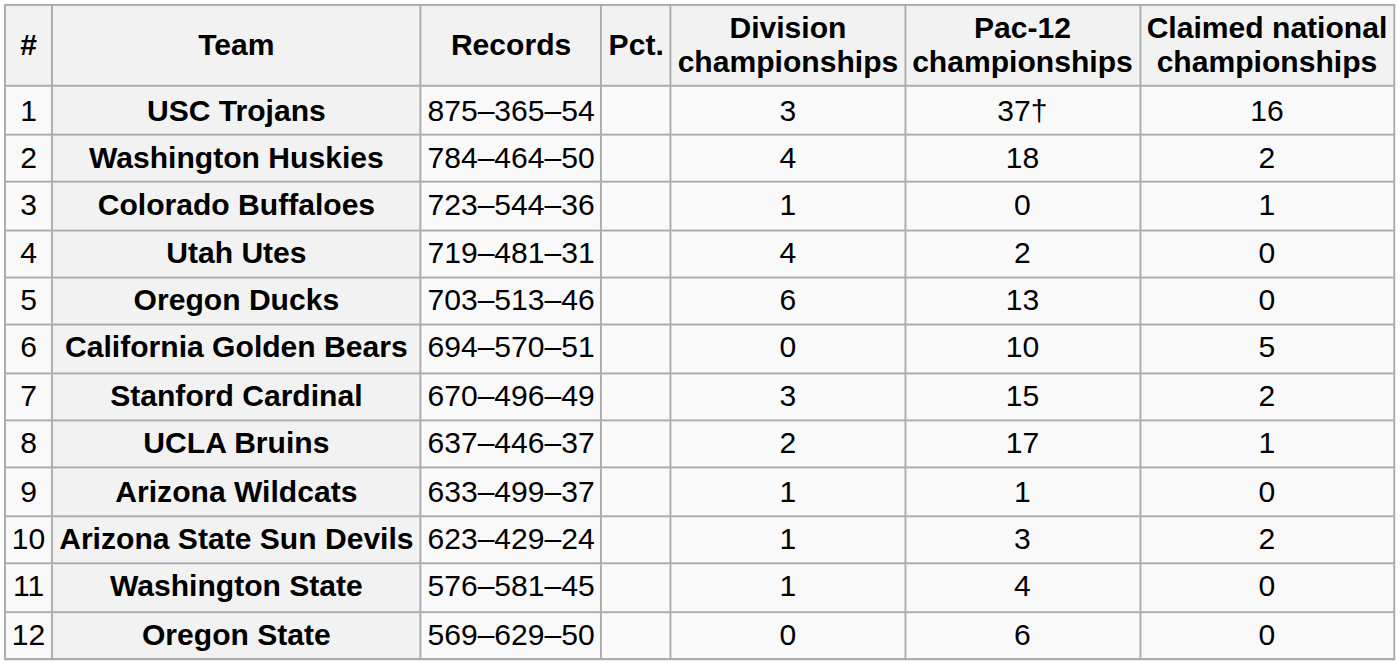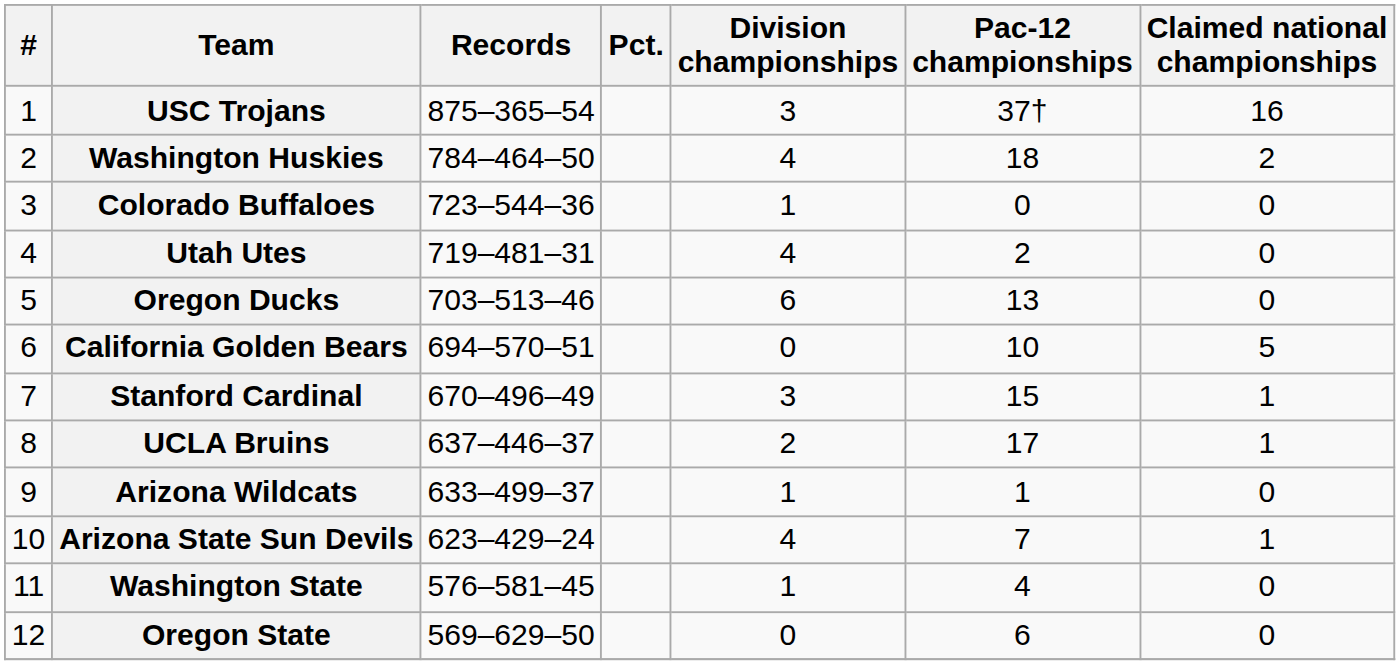 <table class="wikitable sortable" style="text-align:center">
 <tr>
 <th scope="col">#</th>
 <th scope="col">Team</th>
 <th scope="col">Records</th>
 <th scope="col">Pct.</th>
 <th scope="col">Division<br>championships</th>
 <th scope="col">Pac-12<br>championships</th>
 <th scope="col">Claimed national<br>championships</th>
 </tr>
 <tr>
 <td>1</td>
 <th>USC Trojans</th>
 <td>875–365–54</td>
 <td></td>
 <td>3</td>
 <td>37†</td>
 <td>16</td>
 </tr>
 <tr>
 <td>2</td>
 <th>Washington Huskies</th>
 <td>784–464–50</td>
 <td></td>
 <td>4</td>
 <td>18</td>
 <td>2</td>
 </tr>
 <tr>
 <td>3</td>
 <th>Colorado Buffaloes</th>
 <td>723–544–36</td>
 <td></td>
 <td>1</td>
 <td>0</td>
-<td>1</td>
+<td>0</td>
 </tr>
 <tr>
 <td>4</td>
 <th>Utah Utes</th>
 <td>719–481–31</td>
 <td></td>
 <td>4</td>
 <td>2</td>
 <td>0</td>
 </tr>
 <tr>
 <td>5</td>
 <th>Oregon Ducks</th>
 <td>703–513–46</td>
 <td></td>
 <td>6</td>
 <td>13</td>
 <td>0</td>
 </tr>
 <tr>
 <td>6</td>
 <th>California Golden Bears</th>
 <td>694–570–51</td>
 <td></td>
 <td>0</td>
 <td>10</td>
 <td>5</td>
 </tr>
 <tr>
 <td>7</td>
 <th>Stanford Cardinal</th>
 <td>670–496–49</td>
 <td></td>
 <td>3</td>
 <td>15</td>
-<td>2</td>
+<td>1</td>
 </tr>
 <tr>
 <td>8</td>
 <th>UCLA Bruins</th>
 <td>637–446–37</td>
 <td></td>
 <td>2</td>
 <td>17</td>
 <td>1</td>
 </tr>
 <tr>
 <td>9</td>
 <th>Arizona Wildcats</th>
 <td>633–499–37</td>
 <td></td>
 <td>1</td>
 <td>1</td>
 <td>0</td>
 </tr>
 <tr>
 <td>10</td>
 <th>Arizona State Sun Devils</th>
 <td>623–429–24</td>
 <td></td>
+<td>4</td>
+<td>7</td>
 <td>1</td>
-<td>3</td>
-<td>2</td>
 </tr>
 <tr>
 <td>11</td>
 <th>Washington State</th>
 <td>576–581–45</td>
 <td></td>
 <td>1</td>
 <td>4</td>
 <td>0</td>
 </tr>
 <tr>
 <td>12</td>
 <th>Oregon State</th>
 <td>569–629–50</td>
 <td></td>
 <td>0</td>
 <td>6</td>
 <td>0</td>
 </tr>
 <tr>
 </tr>
 </table>
